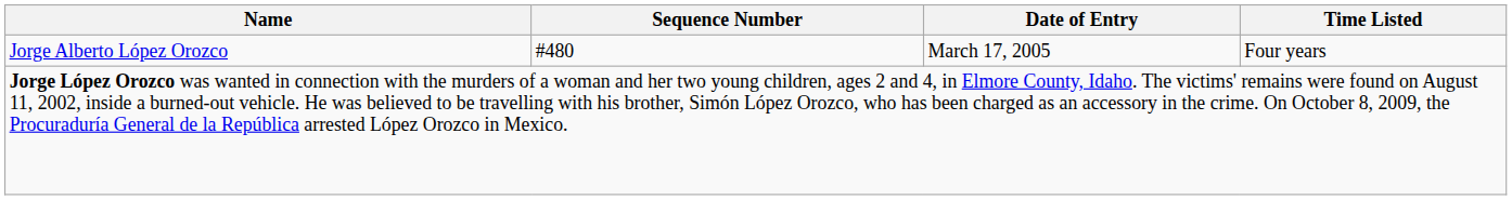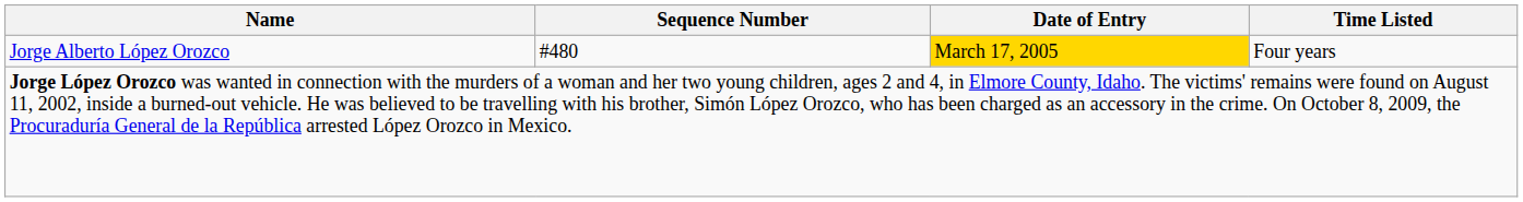 <table class="wikitable">
 <tr>
 <th>Name</th>
 <th>Sequence Number</th>
 <th>Date of Entry</th>
 <th>Time Listed</th>
 </tr>
 <tr>
 <td height="10"><a href='#'>Jorge Alberto López Orozco</a></td>
 <td>#480</td>
-<td>March 17, 2005</td>
+<td style="background: gold;">March 17, 2005</td>
 <td>Four years</td>
 </tr>
 <tr>
 <td colspan="4" valign="top" height="100"><strong>Jorge López Orozco</strong> was wanted in connection with the murders of a woman and her two young children, ages 2 and 4, in <a href='#'>Elmore County, Idaho</a>. The victims' remains were found on August 11, 2002, inside a burned-out vehicle. He was believed to be travelling with his brother, Simón López Orozco, who has been charged as an accessory in the crime. On October 8, 2009, the <a href='#'>Procuraduría General de la República</a> arrested López Orozco in Mexico.</td>
 </tr>
 </table>
